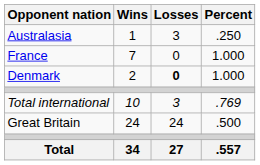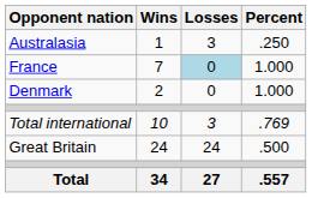 <table class=wikitable>
 <tr>
 <th>Opponent nation</th>
 <th>Wins</th>
 <th>Losses</th>
 <th>Percent</th>
 </tr>
 <tr align=center>
 <td align=left><a href='#'>Australasia</a></td>
 <td>1</td>
 <td>3</td>
 <td>.250</td>
 </tr>
 <tr align=center>
 <td align=left><a href='#'>France</a></td>
 <td>7</td>
-<td>0</td>
+<td style="background: lightblue;">0</td>
 <td>1.000</td>
 </tr>
 <tr align=center>
 <td align=left><a href='#'>Denmark</a></td>
 <td>2</td>
-<td><strong>0</strong></td>
+<td>0</td>
 <td>1.000</td>
 </tr>
 <tr>
 <td colspan=4 bgcolor=lightgray></td>
 </tr>
 <tr align=center>
 <td align=left><em>Total international</em></td>
 <td><em>10</em></td>
 <td><em>3</em></td>
 <td><em>.769</em></td>
 </tr>
 <tr align=center>
 <td align=left>Great Britain</td>
 <td>24</td>
 <td>24</td>
 <td>.500</td>
 </tr>
 <tr>
 <td colspan=4 bgcolor=lightgray></td>
 </tr>
 <tr>
 <th>Total</th>
 <th>34</th>
 <th>27</th>
 <th>.557</th>
 </tr>
 </table>
